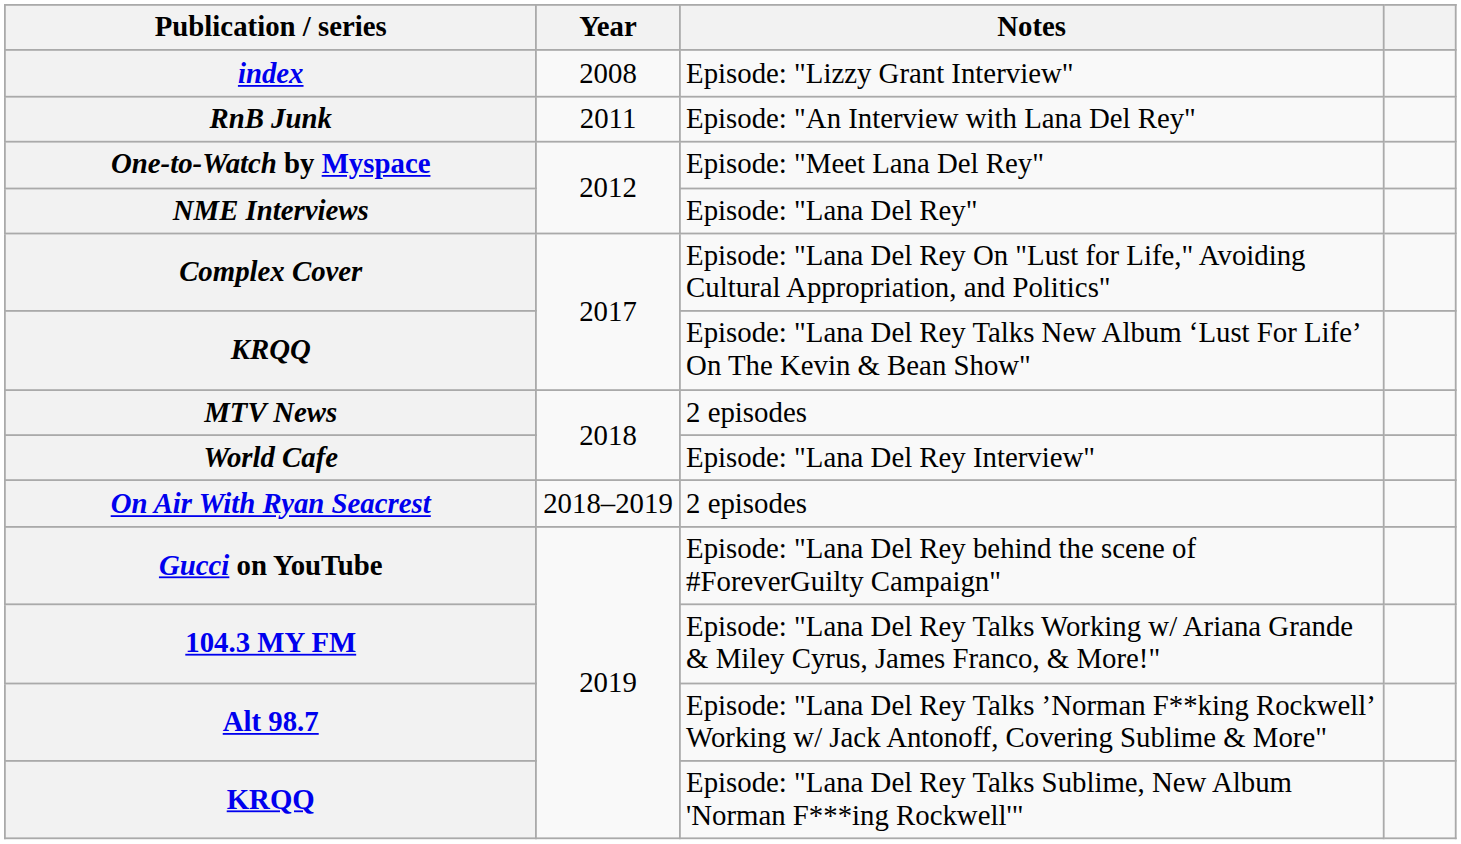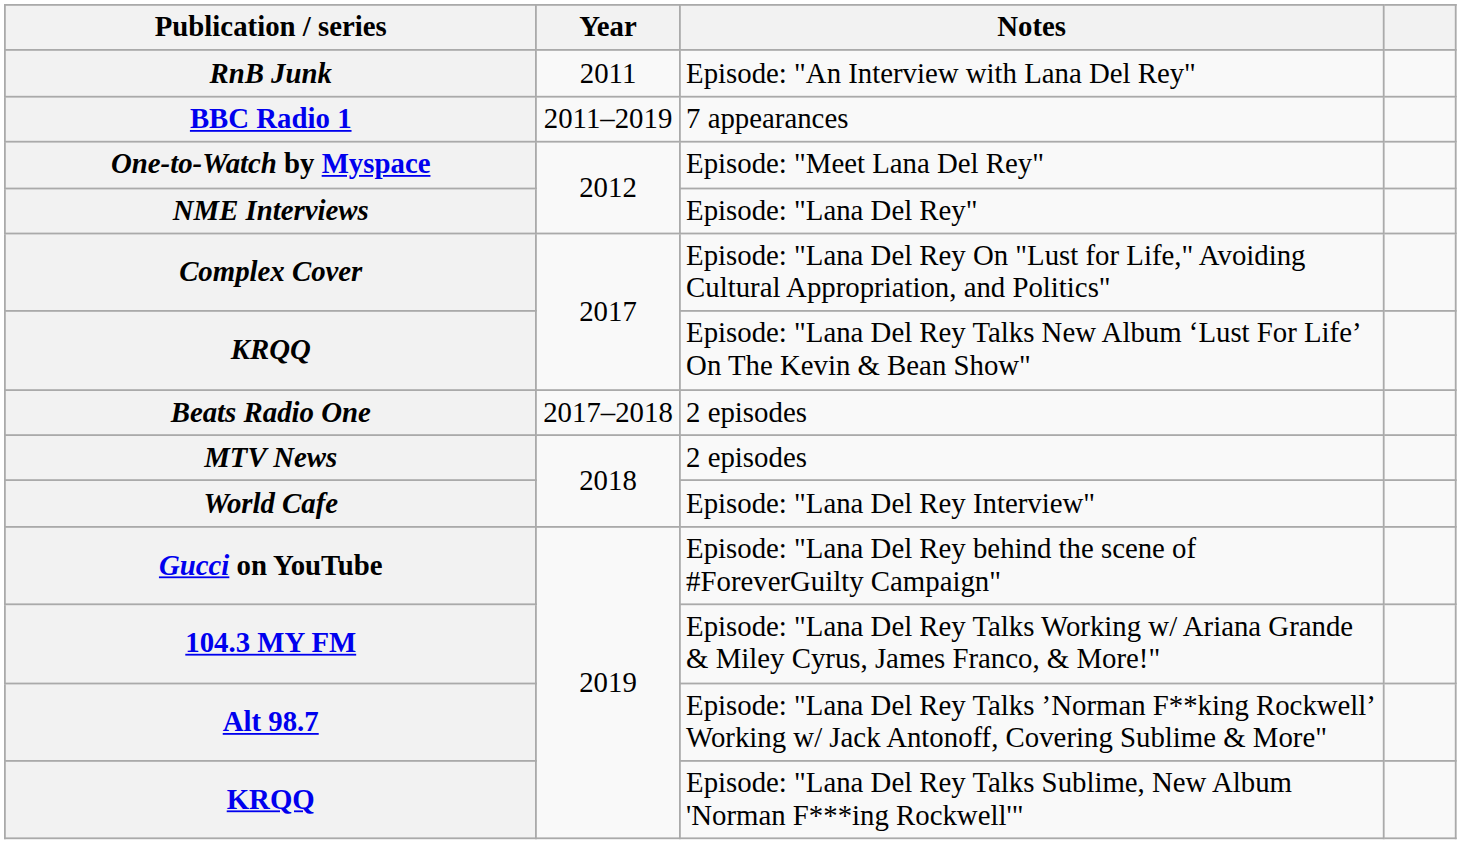 <table class="wikitable sortable plainrowheaders" style="text-align:center;">
 <tr>
 <th scope="col" style="width:18em;">Publication / series</th>
 <th scope="col">Year</th>
 <th scope="col" class="unsortable" style="width:24em;">Notes</th>
 <th scope="col" class="unsortable" style="width:2em;"></th>
 </tr>
 <tr>
-<th scope="row"><em><a href='#'>index</a></em></th>
-<td>2008</td>
-<td style="text-align:left;">Episode: "Lizzy Grant Interview"</td>
+<th scope="row"><em>RnB Junk</em></th>
+<td>2011</td>
+<td style="text-align:left;">Episode: "An Interview with Lana Del Rey"</td>
 <td></td>
 </tr>
 <tr>
-<th scope="row"><em>RnB Junk</em></th>
-<td>2011</td>
-<td style="text-align:left;">Episode: "An Interview with Lana Del Rey"</td>
+<th scope="row"><a href='#'>BBC Radio 1</a></th>
+<td>2011–2019</td>
+<td style="text-align:left;">7 appearances</td>
 <td></td>
 </tr>
 <tr>
 <th scope="row"><em>One-to-Watch</em> by <a href='#'>Myspace</a></th>
 <td rowspan="2">2012</td>
 <td style="text-align:left;">Episode: "Meet Lana Del Rey"</td>
 <td></td>
 </tr>
 <tr>
 <th scope="row"><em>NME Interviews</em></th>
 <td style="text-align:left;">Episode: "Lana Del Rey"</td>
 <td></td>
 </tr>
 <tr>
 <th scope="row"><em>Complex Cover</em></th>
 <td rowspan="2">2017</td>
 <td style="text-align:left;">Episode: "Lana Del Rey On "Lust for Life," Avoiding Cultural Appropriation, and Politics"</td>
 <td></td>
 </tr>
 <tr>
 <th scope="row"><em>KRQQ</em></th>
 <td style="text-align:left;">Episode: "Lana Del Rey Talks New Album ‘Lust For Life’ On The Kevin & Bean Show"</td>
 <td></td>
 </tr>
 <tr>
+<th scope="row"><em>Beats Radio One</em></th>
+<td>2017–2018</td>
+<td style="text-align:left;">2 episodes</td>
+<td></td>
+</tr>
+<tr>
 <th scope="row"><em>MTV News</em></th>
 <td rowspan="2">2018</td>
 <td style="text-align:left;">2 episodes</td>
 <td></td>
 </tr>
 <tr>
 <th scope="row"><em>World Cafe</em></th>
 <td style="text-align:left;">Episode: "Lana Del Rey Interview"</td>
-<td></td>
-</tr>
-<tr>
-<th scope="row"><em><a href='#'>On Air With Ryan Seacrest</a></em></th>
-<td>2018–2019</td>
-<td style="text-align:left;">2 episodes</td>
 <td></td>
 </tr>
 <tr>
 <th scope="row"><em><a href='#'>Gucci</a></em> on YouTube</th>
 <td rowspan="4">2019</td>
 <td style="text-align:left;">Episode: "Lana Del Rey behind the scene of #ForeverGuilty Campaign"</td>
 <td></td>
 </tr>
 <tr>
 <th scope="row"><a href='#'>104.3 MY FM</a></th>
 <td style="text-align:left;">Episode: "Lana Del Rey Talks Working w/ Ariana Grande & Miley Cyrus, James Franco, & More!"</td>
 <td></td>
 </tr>
 <tr>
 <th scope="row"><a href='#'>Alt 98.7</a></th>
 <td style="text-align:left;">Episode: "Lana Del Rey Talks ’Norman F**king Rockwell’ Working w/ Jack Antonoff, Covering Sublime & More"</td>
 <td></td>
 </tr>
 <tr>
 <th scope="row"><a href='#'>KRQQ</a></th>
 <td style="text-align:left;">Episode: "Lana Del Rey Talks Sublime, New Album 'Norman F***ing Rockwell'"</td>
 <td></td>
 </tr>
 </table>
